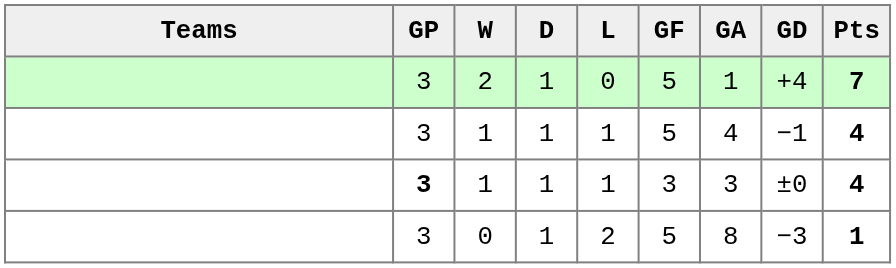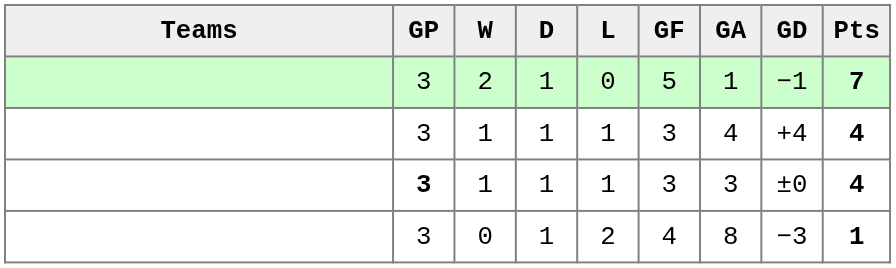 <table style=border-collapse:collapse border=1 cellspacing=0 cellpadding=5>
 <tr align=center bgcolor=#efefef>
 <th width=185>Teams</th>
 <th width=20>GP</th>
 <th width=20>W</th>
 <th width=20>D</th>
 <th width=20>L</th>
 <th width=20>GF</th>
 <th width=20>GA</th>
 <th width=20>GD</th>
 <th width=20>Pts</th>
 </tr>
 <tr align=center style="background:#ccffcc;">
 <td style="text-align:left;"><strong></strong></td>
 <td>3</td>
 <td>2</td>
 <td>1</td>
 <td>0</td>
 <td>5</td>
 <td>1</td>
-<td>+4</td>
+<td>−1</td>
 <td><strong>7</strong></td>
 </tr>
 <tr align=center>
 <td style="text-align:left;"></td>
 <td>3</td>
 <td>1</td>
 <td>1</td>
 <td>1</td>
-<td>5</td>
+<td>3</td>
 <td>4</td>
-<td>−1</td>
+<td>+4</td>
 <td><strong>4</strong></td>
 </tr>
 <tr align=center>
 <td style="text-align:left;"></td>
 <td><strong>3</strong></td>
 <td>1</td>
 <td>1</td>
 <td>1</td>
 <td>3</td>
 <td>3</td>
 <td>±0</td>
 <td><strong>4</strong></td>
 </tr>
 <tr align=center>
 <td style="text-align:left;"></td>
 <td>3</td>
 <td>0</td>
 <td>1</td>
 <td>2</td>
-<td>5</td>
+<td>4</td>
 <td>8</td>
 <td>−3</td>
 <td><strong>1</strong></td>
 </tr>
 </table>
